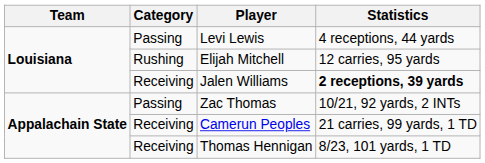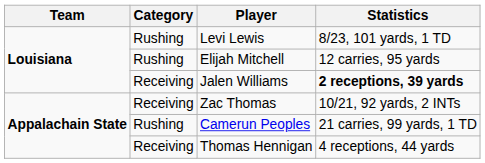 <table class="wikitable" style="float: left;">
 <tr>
 <th>Team</th>
 <th>Category</th>
 <th>Player</th>
 <th>Statistics</th>
 </tr>
 <tr>
 <td rowspan=3><strong>Louisiana</strong></td>
-<td>Passing</td>
+<td>Rushing</td>
 <td>Levi Lewis</td>
-<td>4 receptions, 44 yards</td>
+<td>8/23, 101 yards, 1 TD</td>
 </tr>
 <tr>
 <td>Rushing</td>
 <td>Elijah Mitchell</td>
 <td>12 carries, 95 yards</td>
 </tr>
 <tr>
 <td>Receiving</td>
 <td>Jalen Williams</td>
 <td><strong>2 receptions, 39 yards</strong></td>
 </tr>
 <tr>
 <td rowspan=3><strong>Appalachain State</strong></td>
-<td>Passing</td>
+<td>Receiving</td>
 <td>Zac Thomas</td>
 <td>10/21, 92 yards, 2 INTs</td>
 </tr>
 <tr>
-<td>Receiving</td>
+<td>Rushing</td>
 <td><a href='#'>Camerun Peoples</a></td>
 <td>21 carries, 99 yards, 1 TD</td>
 </tr>
 <tr>
 <td>Receiving</td>
 <td>Thomas Hennigan</td>
-<td>8/23, 101 yards, 1 TD</td>
+<td>4 receptions, 44 yards</td>
 </tr>
 </table>
